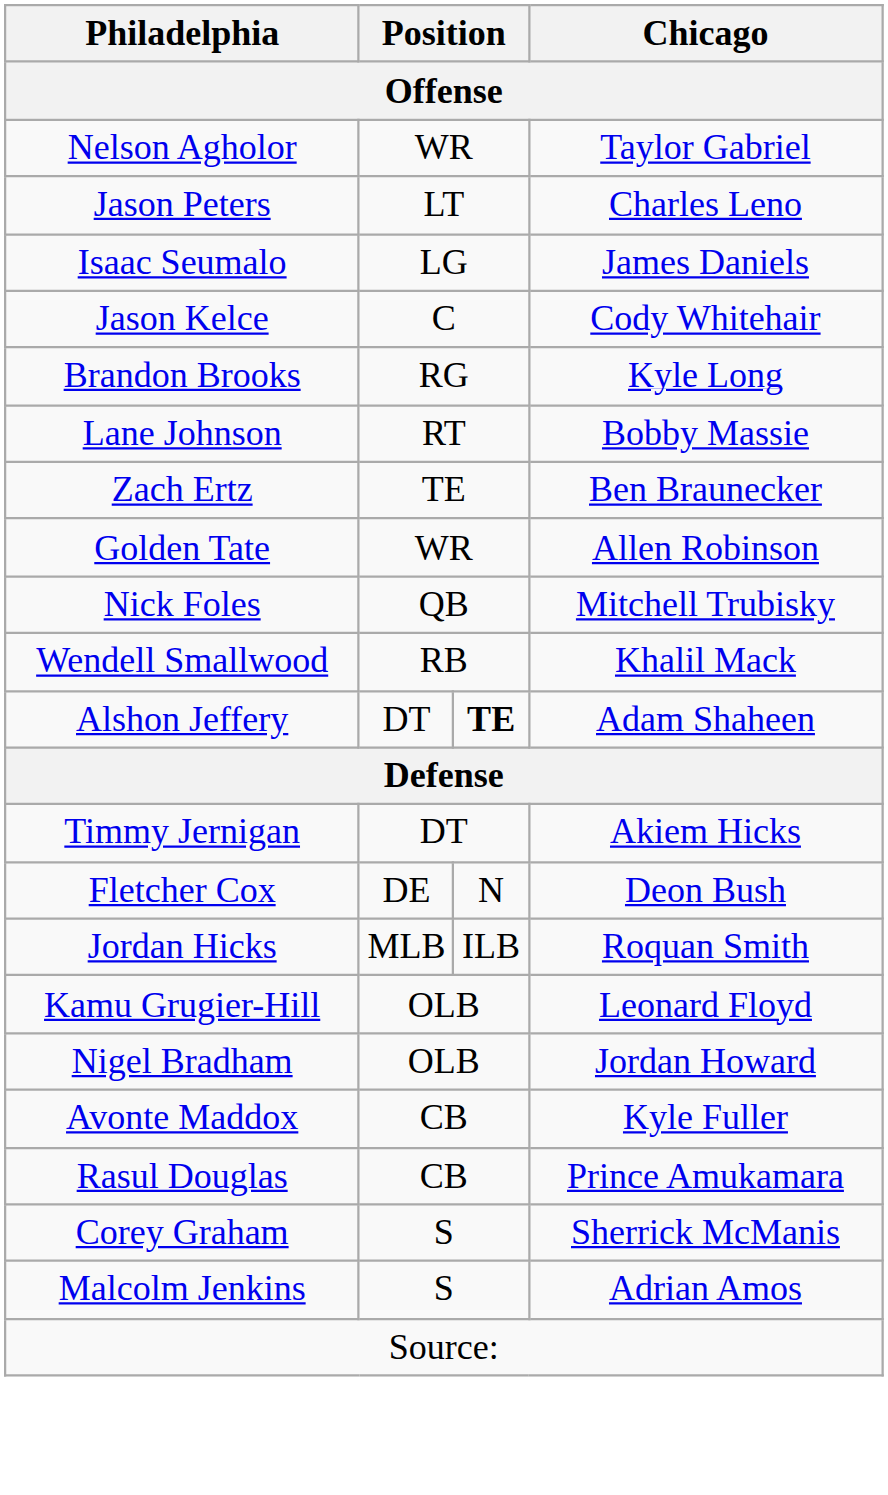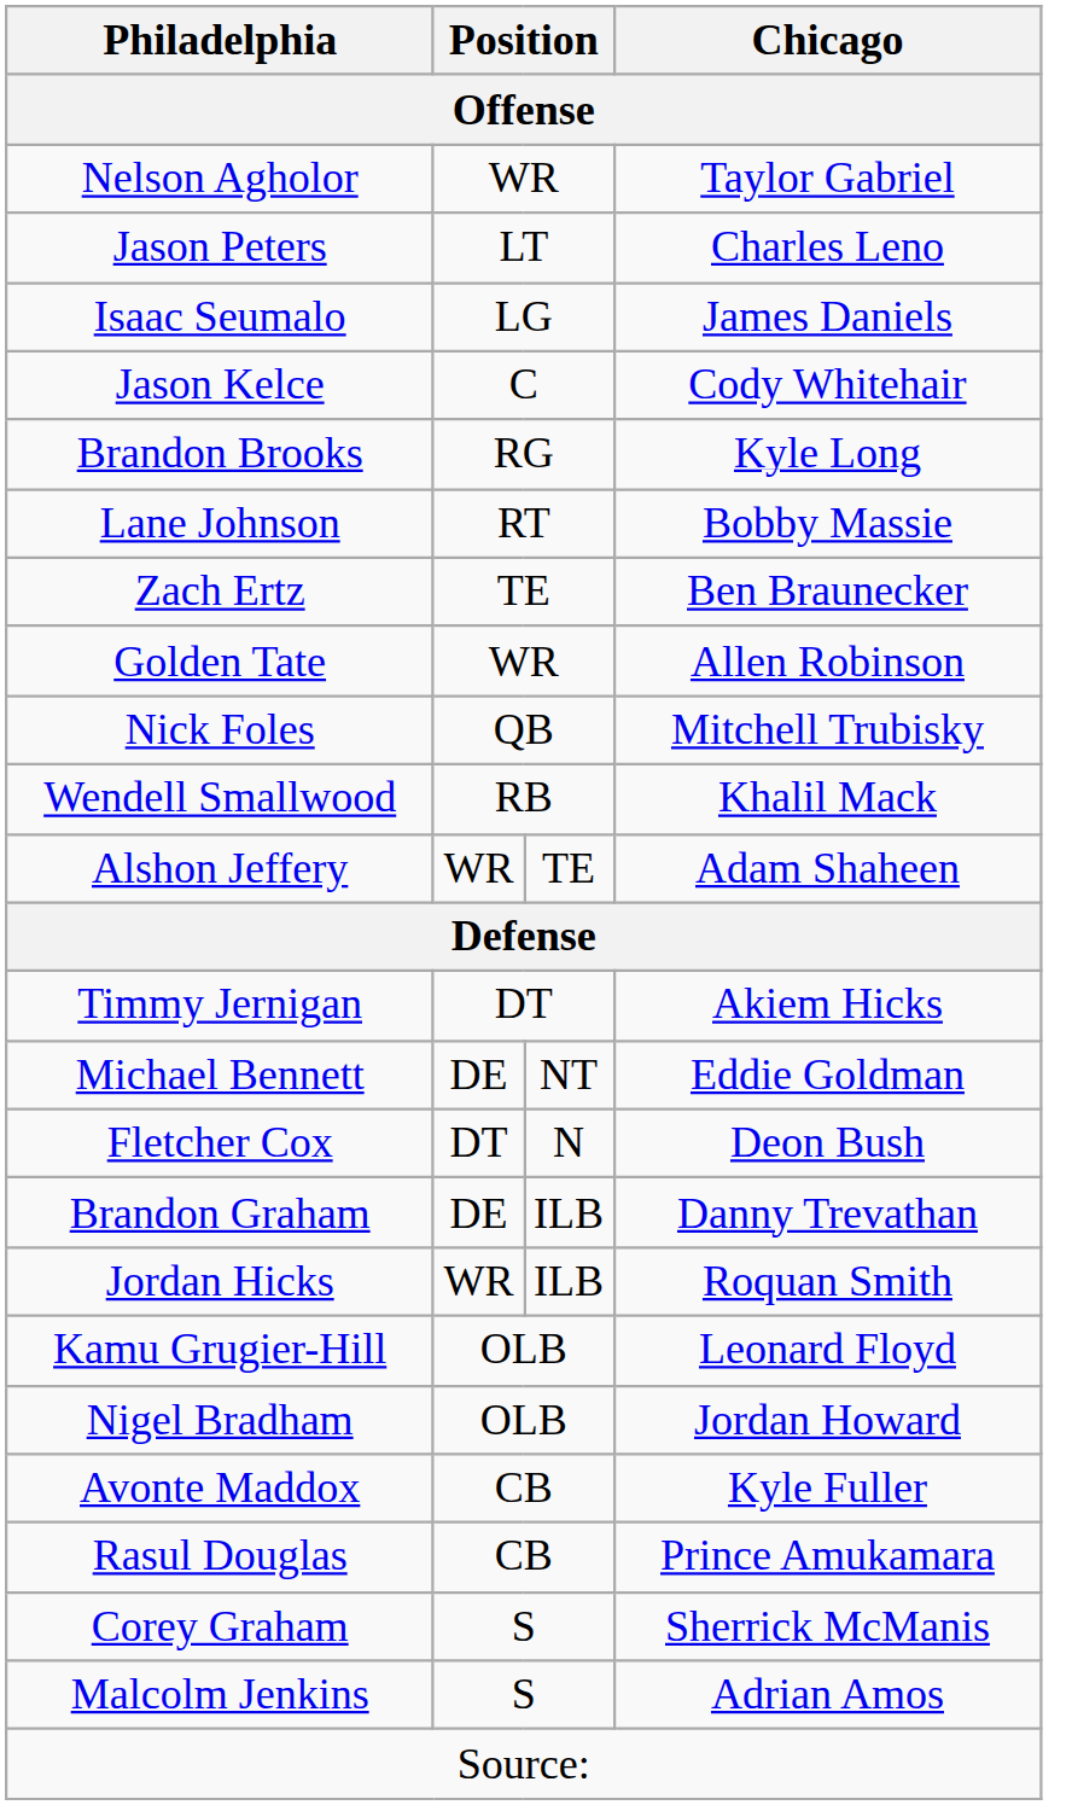 <table class="wikitable" style="text-align:center">
 <tr>
 <th style="width:150px;">Philadelphia</th>
 <th colspan="2">Position</th>
 <th style="width:150px;">Chicago</th>
 </tr>
 <tr>
 <th colspan="4">Offense</th>
 </tr>
 <tr>
 <td><a href='#'>Nelson Agholor</a></td>
 <td colspan="2">WR</td>
 <td><a href='#'>Taylor Gabriel</a></td>
 </tr>
 <tr>
 <td><a href='#'>Jason Peters</a></td>
 <td colspan="2">LT</td>
 <td><a href='#'>Charles Leno</a></td>
 </tr>
 <tr>
 <td><a href='#'>Isaac Seumalo</a></td>
 <td colspan="2">LG</td>
 <td><a href='#'>James Daniels</a></td>
 </tr>
 <tr>
 <td><a href='#'>Jason Kelce</a></td>
 <td colspan="2">C</td>
 <td><a href='#'>Cody Whitehair</a></td>
 </tr>
 <tr>
 <td><a href='#'>Brandon Brooks</a></td>
 <td colspan="2">RG</td>
 <td><a href='#'>Kyle Long</a></td>
 </tr>
 <tr>
 <td><a href='#'>Lane Johnson</a></td>
 <td colspan="2">RT</td>
 <td><a href='#'>Bobby Massie</a></td>
 </tr>
 <tr>
 <td><a href='#'>Zach Ertz</a></td>
 <td colspan="2">TE</td>
 <td><a href='#'>Ben Braunecker</a></td>
 </tr>
 <tr>
 <td><a href='#'>Golden Tate</a></td>
 <td colspan="2">WR</td>
 <td><a href='#'>Allen Robinson</a></td>
 </tr>
 <tr>
 <td><a href='#'>Nick Foles</a></td>
 <td colspan="2">QB</td>
 <td><a href='#'>Mitchell Trubisky</a></td>
 </tr>
 <tr>
 <td><a href='#'>Wendell Smallwood</a></td>
 <td colspan="2">RB</td>
 <td><a href='#'>Khalil Mack</a></td>
 </tr>
 <tr>
 <td><a href='#'>Alshon Jeffery</a></td>
-<td>DT</td>
-<td><strong>TE</strong></td>
+<td>WR</td>
+<td>TE</td>
 <td><a href='#'>Adam Shaheen</a></td>
 </tr>
 <tr>
 <th colspan="4">Defense</th>
 </tr>
 <tr>
 <td><a href='#'>Timmy Jernigan</a></td>
 <td colspan="2">DT</td>
 <td><a href='#'>Akiem Hicks</a></td>
 </tr>
 <tr>
+<td><a href='#'>Michael Bennett</a></td>
+<td>DE</td>
+<td>NT</td>
+<td><a href='#'>Eddie Goldman</a></td>
+</tr>
+<tr>
 <td><a href='#'>Fletcher Cox</a></td>
-<td>DE</td>
+<td>DT</td>
 <td>N</td>
 <td><a href='#'>Deon Bush</a></td>
 </tr>
 <tr>
+<td><a href='#'>Brandon Graham</a></td>
+<td>DE</td>
+<td>ILB</td>
+<td><a href='#'>Danny Trevathan</a></td>
+</tr>
+<tr>
 <td><a href='#'>Jordan Hicks</a></td>
-<td>MLB</td>
+<td>WR</td>
 <td>ILB</td>
 <td><a href='#'>Roquan Smith</a></td>
 </tr>
 <tr>
 <td><a href='#'>Kamu Grugier-Hill</a></td>
 <td colspan="2">OLB</td>
 <td><a href='#'>Leonard Floyd</a></td>
 </tr>
 <tr>
 <td><a href='#'>Nigel Bradham</a></td>
 <td colspan="2">OLB</td>
 <td><a href='#'>Jordan Howard</a></td>
 </tr>
 <tr>
 <td><a href='#'>Avonte Maddox</a></td>
 <td colspan="2">CB</td>
 <td><a href='#'>Kyle Fuller</a></td>
 </tr>
 <tr>
 <td><a href='#'>Rasul Douglas</a></td>
 <td colspan="2">CB</td>
 <td><a href='#'>Prince Amukamara</a></td>
 </tr>
 <tr>
 <td><a href='#'>Corey Graham</a></td>
 <td colspan="2">S</td>
 <td><a href='#'>Sherrick McManis</a></td>
 </tr>
 <tr>
 <td><a href='#'>Malcolm Jenkins</a></td>
 <td colspan="2">S</td>
 <td><a href='#'>Adrian Amos</a></td>
 </tr>
 <tr>
 <td colspan="4">Source:</td>
 </tr>
 </table>
